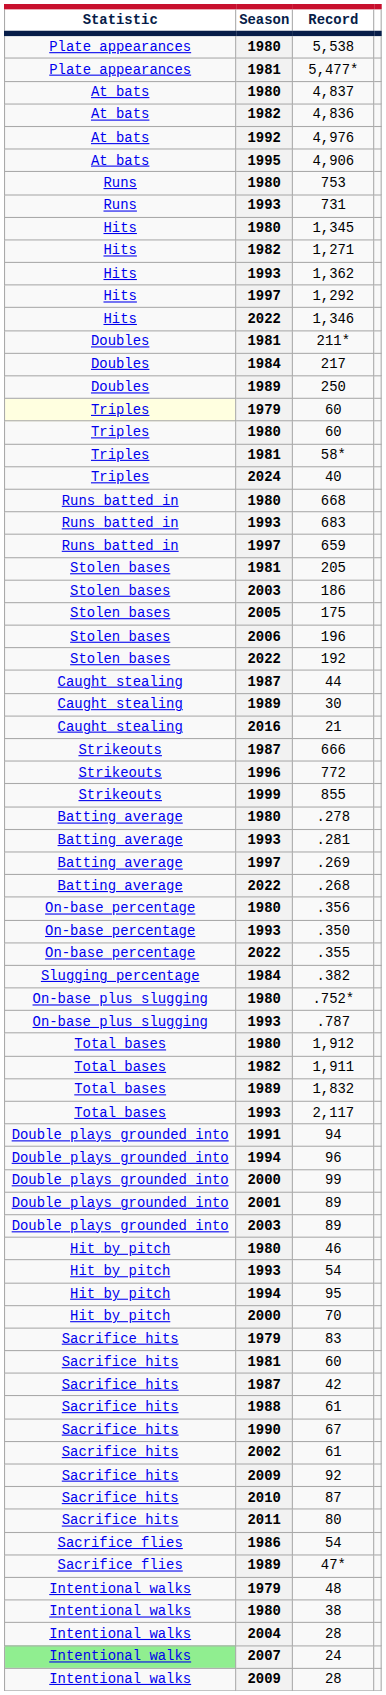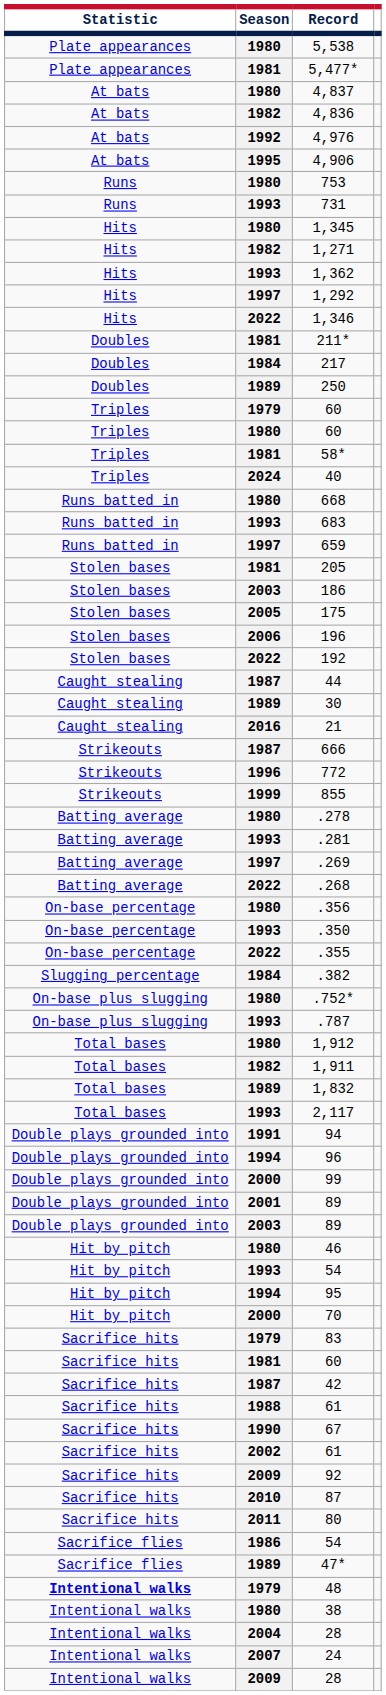 <table class="wikitable sortable plainrowheaders" style="text-align:center">
 <tr>
 <th width="210px" scope="col" style="background-color:#ffffff; border-top:#c8102e 5px solid; border-bottom:#071d49 5px solid; color:#071d49">Statistic</th>
 <th scope="col" style="background-color:#ffffff; border-top:#c8102e 5px solid; border-bottom:#071d49 5px solid; color:#071d49">Season</th>
 <th width="70px" class="unsortable" scope="col" style="background-color:#ffffff; border-top:#c8102e 5px solid; border-bottom:#071d49 5px solid; color:#071d49">Record</th>
 <th class="unsortable" scope="col" style="background-color:#ffffff; border-top:#c8102e 5px solid; border-bottom:#071d49 5px solid; color:#071d49"></th>
 </tr>
 <tr>
 <td><a href='#'>Plate appearances</a></td>
 <th scope="row" style="text-align:center">1980</th>
 <td>5,538</td>
 <td></td>
 </tr>
 <tr>
 <td><a href='#'>Plate appearances</a></td>
 <th scope="row" style="text-align:center">1981</th>
 <td>5,477*</td>
 <td></td>
 </tr>
 <tr>
 <td><a href='#'>At bats</a></td>
 <th scope="row" style="text-align:center">1980</th>
 <td>4,837</td>
 <td></td>
 </tr>
 <tr>
 <td><a href='#'>At bats</a></td>
 <th scope="row" style="text-align:center">1982</th>
 <td>4,836</td>
 <td></td>
 </tr>
 <tr>
 <td><a href='#'>At bats</a></td>
 <th scope="row" style="text-align:center">1992</th>
 <td>4,976</td>
 <td></td>
 </tr>
 <tr>
 <td><a href='#'>At bats</a></td>
 <th scope="row" style="text-align:center">1995</th>
 <td>4,906</td>
 <td></td>
 </tr>
 <tr>
 <td><a href='#'>Runs</a></td>
 <th scope="row" style="text-align:center">1980</th>
 <td>753</td>
 <td></td>
 </tr>
 <tr>
 <td><a href='#'>Runs</a></td>
 <th scope="row" style="text-align:center">1993</th>
 <td>731</td>
 <td></td>
 </tr>
 <tr>
 <td><a href='#'>Hits</a></td>
 <th scope="row" style="text-align:center">1980</th>
 <td>1,345</td>
 <td></td>
 </tr>
 <tr>
 <td><a href='#'>Hits</a></td>
 <th scope="row" style="text-align:center">1982</th>
 <td>1,271</td>
 <td></td>
 </tr>
 <tr>
 <td><a href='#'>Hits</a></td>
 <th scope="row" style="text-align:center">1993</th>
 <td>1,362</td>
 <td></td>
 </tr>
 <tr>
 <td><a href='#'>Hits</a></td>
 <th scope="row" style="text-align:center">1997</th>
 <td>1,292</td>
 <td></td>
 </tr>
 <tr>
 <td><a href='#'>Hits</a></td>
 <th scope="row" style="text-align:center">2022</th>
 <td>1,346</td>
 <td></td>
 </tr>
 <tr>
 <td><a href='#'>Doubles</a></td>
 <th scope="row" style="text-align:center">1981</th>
 <td>211*</td>
 <td></td>
 </tr>
 <tr>
 <td><a href='#'>Doubles</a></td>
 <th scope="row" style="text-align:center">1984</th>
 <td>217</td>
 <td></td>
 </tr>
 <tr>
 <td><a href='#'>Doubles</a></td>
 <th scope="row" style="text-align:center">1989</th>
 <td>250</td>
 <td></td>
 </tr>
 <tr>
-<td style="background: lightyellow;"><a href='#'>Triples</a></td>
+<td><a href='#'>Triples</a></td>
 <th scope="row" style="text-align:center">1979</th>
 <td>60</td>
 <td></td>
 </tr>
 <tr>
 <td><a href='#'>Triples</a></td>
 <th scope="row" style="text-align:center">1980</th>
 <td>60</td>
 <td></td>
 </tr>
 <tr>
 <td><a href='#'>Triples</a></td>
 <th scope="row" style="text-align:center">1981</th>
 <td>58*</td>
 <td></td>
 </tr>
 <tr>
 <td><a href='#'>Triples</a></td>
 <th scope="row" style="text-align:center">2024</th>
 <td>40</td>
 <td></td>
 </tr>
 <tr>
 <td><a href='#'>Runs batted in</a></td>
 <th scope="row" style="text-align:center">1980</th>
 <td>668</td>
 <td></td>
 </tr>
 <tr>
 <td><a href='#'>Runs batted in</a></td>
 <th scope="row" style="text-align:center">1993</th>
 <td>683</td>
 <td></td>
 </tr>
 <tr>
 <td><a href='#'>Runs batted in</a></td>
 <th scope="row" style="text-align:center">1997</th>
 <td>659</td>
 <td></td>
 </tr>
 <tr>
 <td><a href='#'>Stolen bases</a></td>
 <th scope="row" style="text-align:center">1981</th>
 <td>205</td>
 <td></td>
 </tr>
 <tr>
 <td><a href='#'>Stolen bases</a></td>
 <th scope="row" style="text-align:center">2003</th>
 <td>186</td>
 <td></td>
 </tr>
 <tr>
 <td><a href='#'>Stolen bases</a></td>
 <th scope="row" style="text-align:center">2005</th>
 <td>175</td>
 <td></td>
 </tr>
 <tr>
 <td><a href='#'>Stolen bases</a></td>
 <th scope="row" style="text-align:center">2006</th>
 <td>196</td>
 <td></td>
 </tr>
 <tr>
 <td><a href='#'>Stolen bases</a></td>
 <th scope="row" style="text-align:center">2022</th>
 <td>192</td>
 <td></td>
 </tr>
 <tr>
 <td><a href='#'>Caught stealing</a></td>
 <th scope="row" style="text-align:center">1987</th>
 <td>44</td>
 <td></td>
 </tr>
 <tr>
 <td><a href='#'>Caught stealing</a></td>
 <th scope="row" style="text-align:center">1989</th>
 <td>30</td>
 <td></td>
 </tr>
 <tr>
 <td><a href='#'>Caught stealing</a></td>
 <th scope="row" style="text-align:center">2016</th>
 <td>21</td>
 <td></td>
 </tr>
 <tr>
 <td><a href='#'>Strikeouts</a></td>
 <th scope="row" style="text-align:center">1987</th>
 <td>666</td>
 <td></td>
 </tr>
 <tr>
 <td><a href='#'>Strikeouts</a></td>
 <th scope="row" style="text-align:center">1996</th>
 <td>772</td>
 <td></td>
 </tr>
 <tr>
 <td><a href='#'>Strikeouts</a></td>
 <th scope="row" style="text-align:center">1999</th>
 <td>855</td>
 <td></td>
 </tr>
 <tr>
 <td><a href='#'>Batting average</a></td>
 <th scope="row" style="text-align:center">1980</th>
 <td>.278</td>
 <td></td>
 </tr>
 <tr>
 <td><a href='#'>Batting average</a></td>
 <th scope="row" style="text-align:center">1993</th>
 <td>.281</td>
 <td></td>
 </tr>
 <tr>
 <td><a href='#'>Batting average</a></td>
 <th scope="row" style="text-align:center">1997</th>
 <td>.269</td>
 <td></td>
 </tr>
 <tr>
 <td><a href='#'>Batting average</a></td>
 <th scope="row" style="text-align:center">2022</th>
 <td>.268</td>
 <td></td>
 </tr>
 <tr>
 <td><a href='#'>On-base percentage</a></td>
 <th scope="row" style="text-align:center">1980</th>
 <td>.356</td>
 <td></td>
 </tr>
 <tr>
 <td><a href='#'>On-base percentage</a></td>
 <th scope="row" style="text-align:center">1993</th>
 <td>.350</td>
 <td></td>
 </tr>
 <tr>
 <td><a href='#'>On-base percentage</a></td>
 <th scope="row" style="text-align:center">2022</th>
 <td>.355</td>
 <td></td>
 </tr>
 <tr>
 <td><a href='#'>Slugging percentage</a></td>
 <th scope="row" style="text-align:center">1984</th>
 <td>.382</td>
 <td></td>
 </tr>
 <tr>
 <td><a href='#'>On-base plus slugging</a></td>
 <th scope="row" style="text-align:center">1980</th>
 <td>.752*</td>
 <td></td>
 </tr>
 <tr>
 <td><a href='#'>On-base plus slugging</a></td>
 <th scope="row" style="text-align:center">1993</th>
 <td>.787</td>
 <td></td>
 </tr>
 <tr>
 <td><a href='#'>Total bases</a></td>
 <th scope="row" style="text-align:center">1980</th>
 <td>1,912</td>
 <td></td>
 </tr>
 <tr>
 <td><a href='#'>Total bases</a></td>
 <th scope="row" style="text-align:center">1982</th>
 <td>1,911</td>
 <td></td>
 </tr>
 <tr>
 <td><a href='#'>Total bases</a></td>
 <th scope="row" style="text-align:center">1989</th>
 <td>1,832</td>
 <td></td>
 </tr>
 <tr>
 <td><a href='#'>Total bases</a></td>
 <th scope="row" style="text-align:center">1993</th>
 <td>2,117</td>
 <td></td>
 </tr>
 <tr>
 <td><a href='#'>Double plays grounded into</a></td>
 <th scope="row" style="text-align:center">1991</th>
 <td>94</td>
 <td></td>
 </tr>
 <tr>
 <td><a href='#'>Double plays grounded into</a></td>
 <th scope="row" style="text-align:center">1994</th>
 <td>96</td>
 <td></td>
 </tr>
 <tr>
 <td><a href='#'>Double plays grounded into</a></td>
 <th scope="row" style="text-align:center">2000</th>
 <td>99</td>
 <td></td>
 </tr>
 <tr>
 <td><a href='#'>Double plays grounded into</a></td>
 <th scope="row" style="text-align:center">2001</th>
 <td>89</td>
 <td></td>
 </tr>
 <tr>
 <td><a href='#'>Double plays grounded into</a></td>
 <th scope="row" style="text-align:center">2003</th>
 <td>89</td>
 <td></td>
 </tr>
 <tr>
 <td><a href='#'>Hit by pitch</a></td>
 <th scope="row" style="text-align:center">1980</th>
 <td>46</td>
 <td></td>
 </tr>
 <tr>
 <td><a href='#'>Hit by pitch</a></td>
 <th scope="row" style="text-align:center">1993</th>
 <td>54</td>
 <td></td>
 </tr>
 <tr>
 <td><a href='#'>Hit by pitch</a></td>
 <th scope="row" style="text-align:center">1994</th>
 <td>95</td>
 <td></td>
 </tr>
 <tr>
 <td><a href='#'>Hit by pitch</a></td>
 <th scope="row" style="text-align:center">2000</th>
 <td>70</td>
 <td></td>
 </tr>
 <tr>
 <td><a href='#'>Sacrifice hits</a></td>
 <th scope="row" style="text-align:center">1979</th>
 <td>83</td>
 <td></td>
 </tr>
 <tr>
 <td><a href='#'>Sacrifice hits</a></td>
 <th scope="row" style="text-align:center">1981</th>
 <td>60</td>
 <td></td>
 </tr>
 <tr>
 <td><a href='#'>Sacrifice hits</a></td>
 <th scope="row" style="text-align:center">1987</th>
 <td>42</td>
 <td></td>
 </tr>
 <tr>
 <td><a href='#'>Sacrifice hits</a></td>
 <th scope="row" style="text-align:center">1988</th>
 <td>61</td>
 <td></td>
 </tr>
 <tr>
 <td><a href='#'>Sacrifice hits</a></td>
 <th scope="row" style="text-align:center">1990</th>
 <td>67</td>
 <td></td>
 </tr>
 <tr>
 <td><a href='#'>Sacrifice hits</a></td>
 <th scope="row" style="text-align:center">2002</th>
 <td>61</td>
 <td></td>
 </tr>
 <tr>
 <td><a href='#'>Sacrifice hits</a></td>
 <th scope="row" style="text-align:center">2009</th>
 <td>92</td>
 <td></td>
 </tr>
 <tr>
 <td><a href='#'>Sacrifice hits</a></td>
 <th scope="row" style="text-align:center">2010</th>
 <td>87</td>
 <td></td>
 </tr>
 <tr>
 <td><a href='#'>Sacrifice hits</a></td>
 <th scope="row" style="text-align:center">2011</th>
 <td>80</td>
 <td></td>
 </tr>
 <tr>
 <td><a href='#'>Sacrifice flies</a></td>
 <th scope="row" style="text-align:center">1986</th>
 <td>54</td>
 <td></td>
 </tr>
 <tr>
 <td><a href='#'>Sacrifice flies</a></td>
 <th scope="row" style="text-align:center">1989</th>
 <td>47*</td>
 <td></td>
 </tr>
 <tr>
-<td><a href='#'>Intentional walks</a></td>
+<td><strong><a href='#'>Intentional walks</a></strong></td>
 <th scope="row" style="text-align:center">1979</th>
 <td>48</td>
 <td></td>
 </tr>
 <tr>
 <td><a href='#'>Intentional walks</a></td>
 <th scope="row" style="text-align:center">1980</th>
 <td>38</td>
 <td></td>
 </tr>
 <tr>
 <td><a href='#'>Intentional walks</a></td>
 <th scope="row" style="text-align:center">2004</th>
 <td>28</td>
 <td></td>
 </tr>
 <tr>
-<td style="background: lightgreen;"><a href='#'>Intentional walks</a></td>
+<td><a href='#'>Intentional walks</a></td>
 <th scope="row" style="text-align:center">2007</th>
 <td>24</td>
 <td></td>
 </tr>
 <tr>
 <td><a href='#'>Intentional walks</a></td>
 <th scope="row" style="text-align:center">2009</th>
 <td>28</td>
 <td></td>
 </tr>
 </table>
